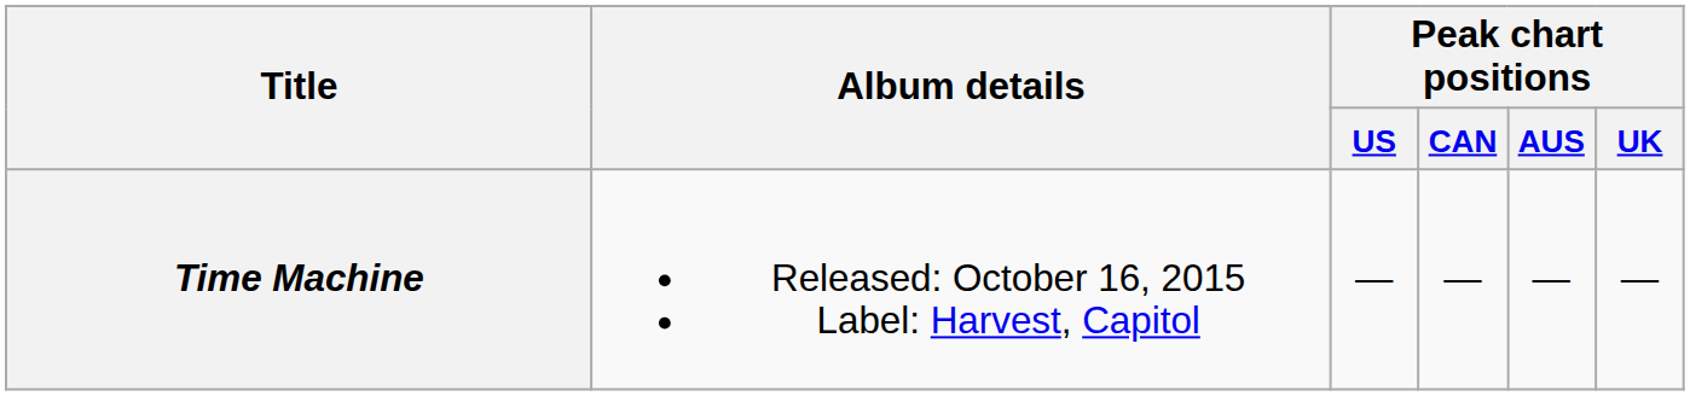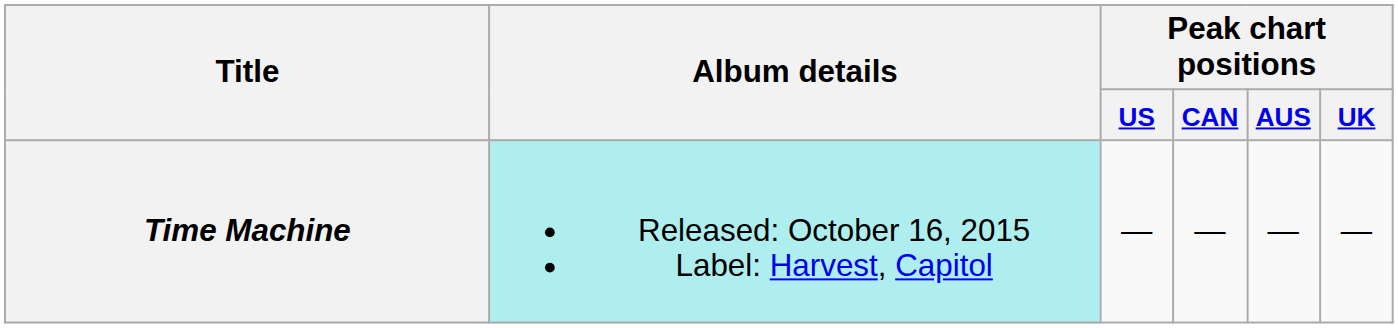 <table class="wikitable plainrowheaders" style="text-align:center;">
 <tr>
 <th scope="col" rowspan="2" style="width:15em;">Title</th>
 <th scope="col" rowspan="2" style="width:19em;">Album details</th>
 <th scope="col" colspan="4">Peak chart positions</th>
 </tr>
 <tr>
 <th width="30"><small><a href='#'>US</a></small></th>
 <th width="30"><small><a href='#'>CAN</a></small></th>
 <th width="30"><small><a href='#'>AUS</a></small></th>
 <th width="30"><small><a href='#'>UK</a></small></th>
 </tr>
 <tr>
 <th scope="row"><em>Time Machine</em></th>
-<td><br><ul><li>Released: October 16, 2015</li><li>Label: <a href='#'>Harvest</a>, <a href='#'>Capitol</a></li></ul></td>
+<td style="background: paleturquoise;"><br><ul><li>Released: October 16, 2015</li><li>Label: <a href='#'>Harvest</a>, <a href='#'>Capitol</a></li></ul></td>
 <td style="text-align:center;">—</td>
 <td style="text-align:center;">—</td>
 <td style="text-align:center;">—</td>
 <td style="text-align:center;">—</td>
 </tr>
 </table>
